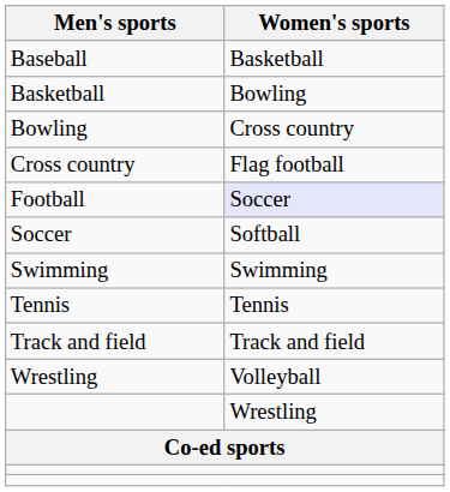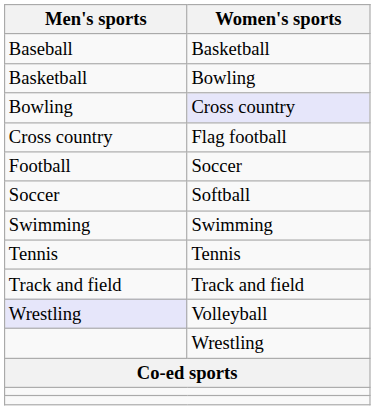 <table class="wikitable"; style= "text-align: ">
 <tr>
 <th width=150px>Men's sports</th>
 <th width=150px>Women's sports</th>
 </tr>
 <tr>
 <td>Baseball</td>
 <td>Basketball</td>
 </tr>
 <tr>
 <td>Basketball</td>
 <td>Bowling</td>
 </tr>
 <tr>
 <td>Bowling</td>
-<td>Cross country</td>
+<td style="background: lavender;">Cross country</td>
 </tr>
 <tr>
 <td>Cross country</td>
 <td>Flag football</td>
 </tr>
 <tr>
 <td>Football</td>
-<td style="background: lavender;">Soccer</td>
+<td>Soccer</td>
 </tr>
 <tr>
 <td>Soccer</td>
 <td>Softball</td>
 </tr>
 <tr>
 <td>Swimming</td>
 <td>Swimming</td>
 </tr>
 <tr>
 <td>Tennis</td>
 <td>Tennis</td>
 </tr>
 <tr>
 <td>Track and field</td>
 <td>Track and field</td>
 </tr>
 <tr>
-<td>Wrestling</td>
+<td style="background: lavender;">Wrestling</td>
 <td>Volleyball</td>
 </tr>
 <tr>
 <td></td>
 <td>Wrestling</td>
 </tr>
 <tr>
 <th colspan=2>Co-ed sports</th>
 </tr>
 <tr>
 <td colspan=2></td>
 </tr>
 <tr>
 <td colspan=2></td>
 </tr>
 </table>
